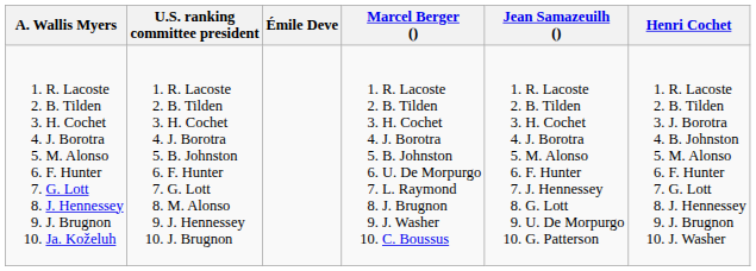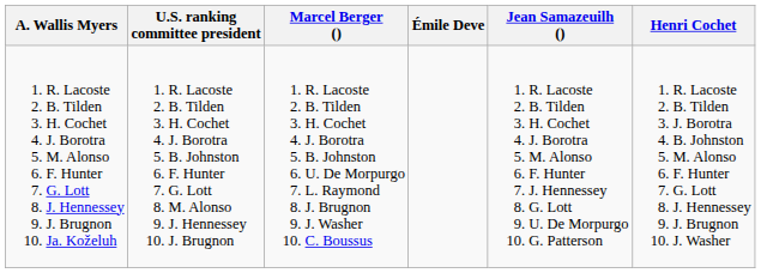 <table class="wikitable">
 <tr>
 <th>A. Wallis Myers</th>
 <th>U.S. ranking<br>committee president</th>
+<th><a href='#'>Marcel Berger</a><br>(<em></em>)</th>
 <th>Émile Deve</th>
-<th><a href='#'>Marcel Berger</a><br>(<em></em>)</th>
 <th><a href='#'>Jean Samazeuilh</a><br>(<em></em>)</th>
 <th><a href='#'>Henri Cochet</a></th>
 </tr>
 <tr style="vertical-align: top;">
 <td style="white-space: nowrap;"><br><ol><li> R. Lacoste</li><li> B. Tilden</li><li> H. Cochet</li><li> J. Borotra</li><li> M. Alonso</li><li> F. Hunter</li><li> <a href='#'>G. Lott</a></li><li> <a href='#'>J. Hennessey</a></li><li> J. Brugnon</li><li> <a href='#'>Ja. Koželuh</a></li></ol></td>
 <td style="white-space: nowrap;"><br><ol><li> R. Lacoste</li><li> B. Tilden</li><li> H. Cochet</li><li> J. Borotra</li><li> B. Johnston</li><li> F. Hunter</li><li> G. Lott</li><li> M. Alonso</li><li> J. Hennessey</li><li> J. Brugnon</li></ol></td>
+<td style="white-space: nowrap;"><br><ol><li> R. Lacoste</li><li> B. Tilden</li><li> H. Cochet</li><li> J. Borotra</li><li> B. Johnston</li><li> U. De Morpurgo</li><li> L. Raymond</li><li> J. Brugnon</li><li> J. Washer</li><li> <a href='#'>C. Boussus</a></li></ol></td>
 <td></td>
-<td style="white-space: nowrap;"><br><ol><li> R. Lacoste</li><li> B. Tilden</li><li> H. Cochet</li><li> J. Borotra</li><li> B. Johnston</li><li> U. De Morpurgo</li><li> L. Raymond</li><li> J. Brugnon</li><li> J. Washer</li><li> <a href='#'>C. Boussus</a></li></ol></td>
 <td style="white-space: nowrap;"><br><ol><li> R. Lacoste</li><li> B. Tilden</li><li> H. Cochet</li><li> J. Borotra</li><li> M. Alonso</li><li> F. Hunter</li><li> J. Hennessey</li><li> G. Lott</li><li> U. De Morpurgo</li><li> G. Patterson</li></ol></td>
 <td style="white-space: nowrap;"><br><ol><li> R. Lacoste</li><li> B. Tilden</li><li> J. Borotra</li><li> B. Johnston</li><li> M. Alonso</li><li> F. Hunter</li><li> G. Lott</li><li> J. Hennessey</li><li> J. Brugnon</li><li> J. Washer</li></ol></td>
 </tr>
 </table>
